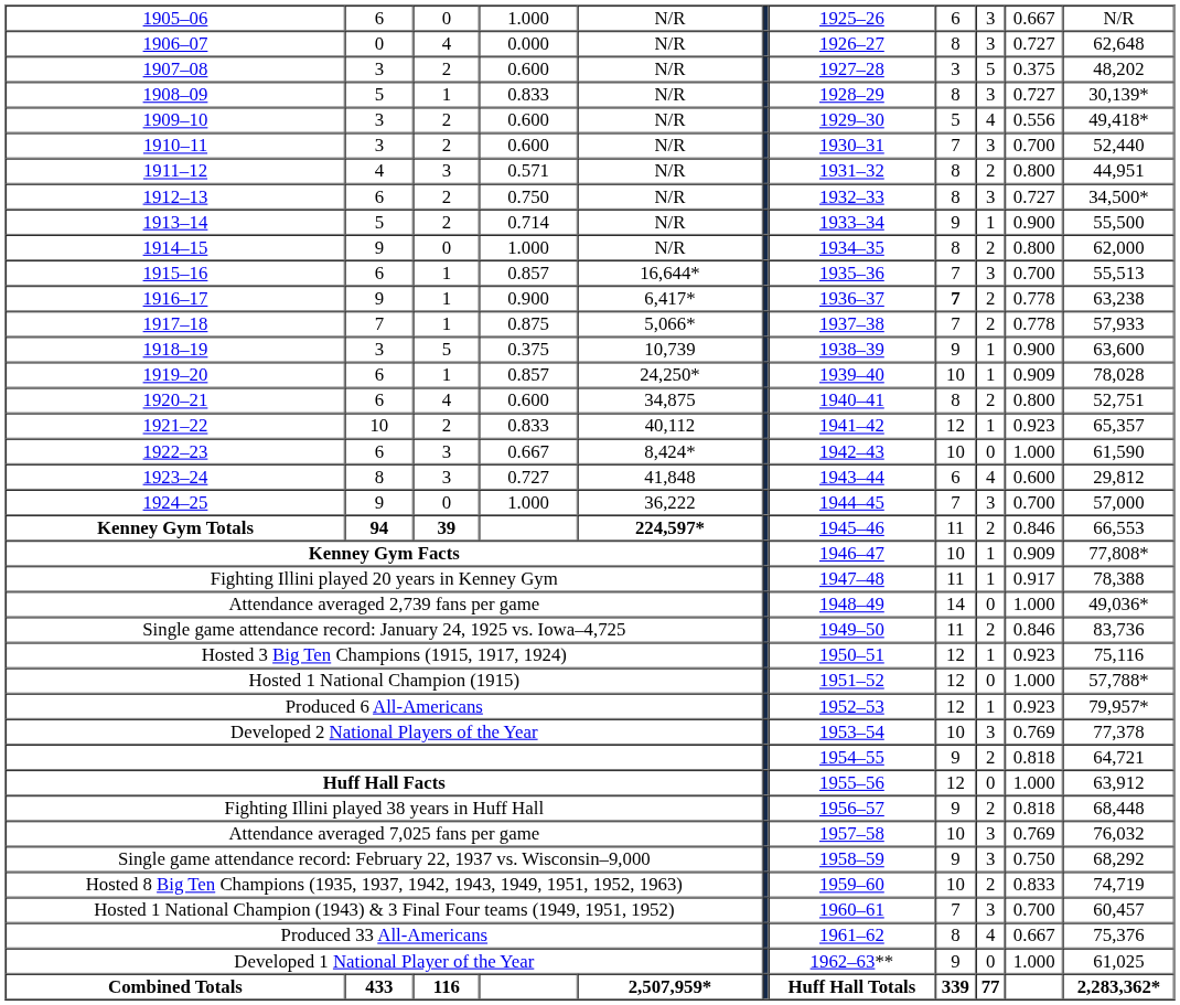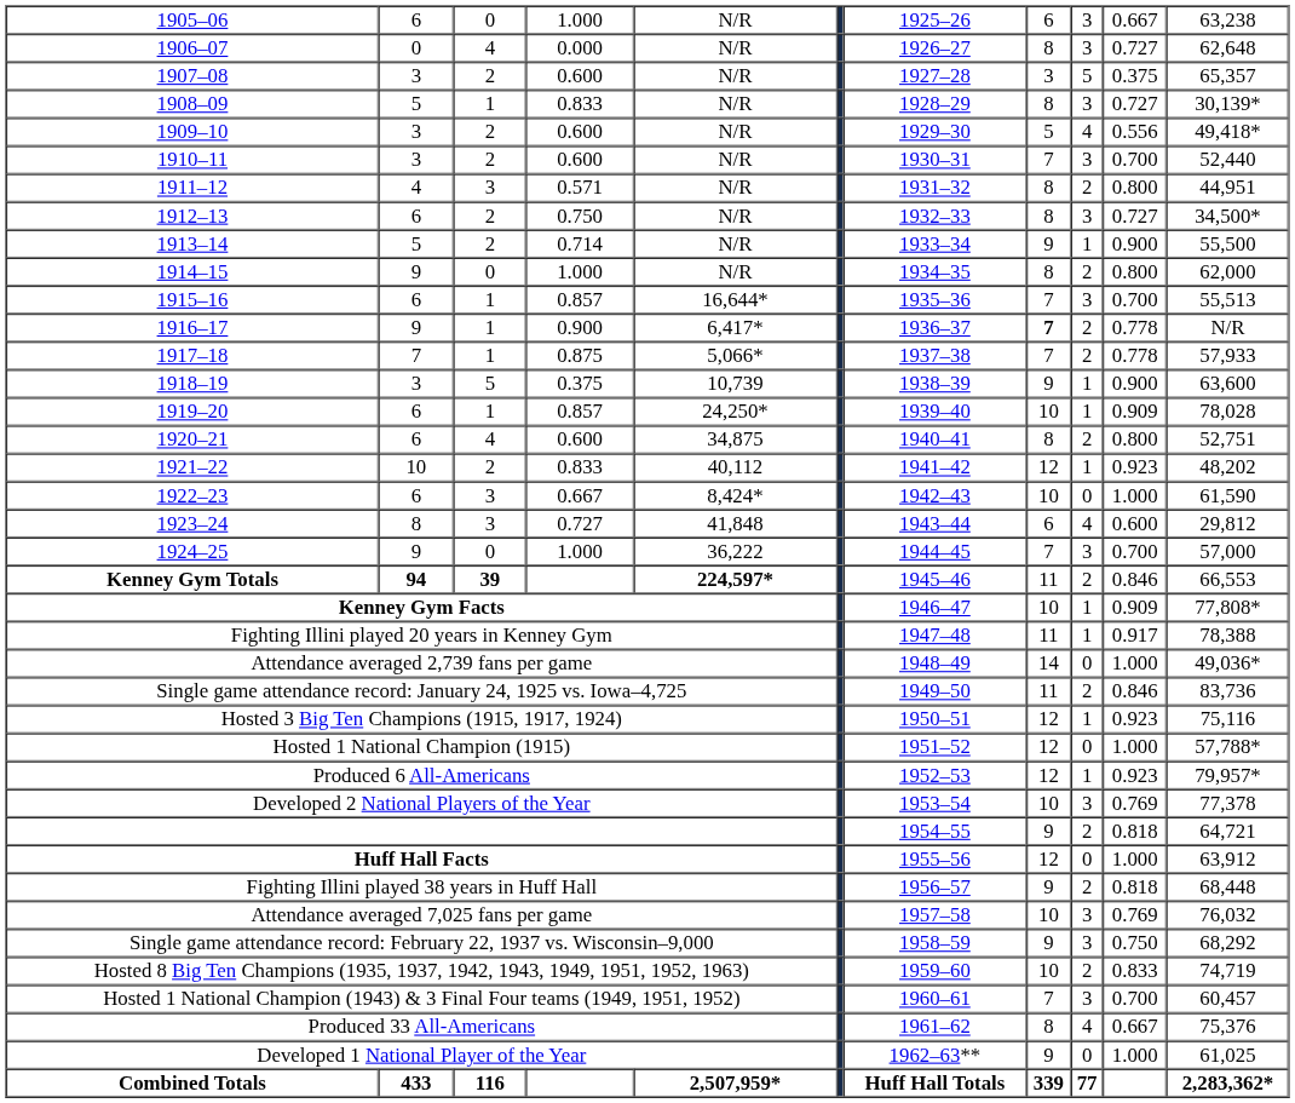 <table cellpadding="1" border="1" cellspacing="0" width="80%" style="text-align:center;">
 <tr>
 </tr>
 <tr>
 <td><a href='#'>1905–06</a></td>
 <td>6</td>
 <td>0</td>
 <td>1.000</td>
 <td>N/R</td>
 <td bgcolor=#14294B></td>
 <td><a href='#'>1925–26</a></td>
 <td>6</td>
 <td>3</td>
 <td>0.667</td>
-<td>N/R</td>
+<td>63,238</td>
 </tr>
 <tr>
 <td><a href='#'>1906–07</a></td>
 <td>0</td>
 <td>4</td>
 <td>0.000</td>
 <td>N/R</td>
 <td bgcolor=#14294B></td>
 <td><a href='#'>1926–27</a></td>
 <td>8</td>
 <td>3</td>
 <td>0.727</td>
 <td>62,648</td>
 </tr>
 <tr>
 <td><a href='#'>1907–08</a></td>
 <td>3</td>
 <td>2</td>
 <td>0.600</td>
 <td>N/R</td>
 <td bgcolor=#14294B></td>
 <td><a href='#'>1927–28</a></td>
 <td>3</td>
 <td>5</td>
 <td>0.375</td>
-<td>48,202</td>
+<td>65,357</td>
 </tr>
 <tr>
 <td><a href='#'>1908–09</a></td>
 <td>5</td>
 <td>1</td>
 <td>0.833</td>
 <td>N/R</td>
 <td bgcolor=#14294B></td>
 <td><a href='#'>1928–29</a></td>
 <td>8</td>
 <td>3</td>
 <td>0.727</td>
 <td>30,139*</td>
 </tr>
 <tr>
 <td><a href='#'>1909–10</a></td>
 <td>3</td>
 <td>2</td>
 <td>0.600</td>
 <td>N/R</td>
 <td bgcolor=#14294B></td>
 <td><a href='#'>1929–30</a></td>
 <td>5</td>
 <td>4</td>
 <td>0.556</td>
 <td>49,418*</td>
 </tr>
 <tr>
 <td><a href='#'>1910–11</a></td>
 <td>3</td>
 <td>2</td>
 <td>0.600</td>
 <td>N/R</td>
 <td bgcolor=#14294B></td>
 <td><a href='#'>1930–31</a></td>
 <td>7</td>
 <td>3</td>
 <td>0.700</td>
 <td>52,440</td>
 </tr>
 <tr>
 <td><a href='#'>1911–12</a></td>
 <td>4</td>
 <td>3</td>
 <td>0.571</td>
 <td>N/R</td>
 <td bgcolor=#14294B></td>
 <td><a href='#'>1931–32</a></td>
 <td>8</td>
 <td>2</td>
 <td>0.800</td>
 <td>44,951</td>
 </tr>
 <tr>
 <td><a href='#'>1912–13</a></td>
 <td>6</td>
 <td>2</td>
 <td>0.750</td>
 <td>N/R</td>
 <td bgcolor=#14294B></td>
 <td><a href='#'>1932–33</a></td>
 <td>8</td>
 <td>3</td>
 <td>0.727</td>
 <td>34,500*</td>
 </tr>
 <tr>
 <td><a href='#'>1913–14</a></td>
 <td>5</td>
 <td>2</td>
 <td>0.714</td>
 <td>N/R</td>
 <td bgcolor=#14294B></td>
 <td><a href='#'>1933–34</a></td>
 <td>9</td>
 <td>1</td>
 <td>0.900</td>
 <td>55,500</td>
 </tr>
 <tr>
 <td><a href='#'>1914–15</a></td>
 <td>9</td>
 <td>0</td>
 <td>1.000</td>
 <td>N/R</td>
 <td bgcolor=#14294B></td>
 <td><a href='#'>1934–35</a></td>
 <td>8</td>
 <td>2</td>
 <td>0.800</td>
 <td>62,000</td>
 </tr>
 <tr>
 <td><a href='#'>1915–16</a></td>
 <td>6</td>
 <td>1</td>
 <td>0.857</td>
 <td>16,644*</td>
 <td bgcolor=#14294B></td>
 <td><a href='#'>1935–36</a></td>
 <td>7</td>
 <td>3</td>
 <td>0.700</td>
 <td>55,513</td>
 </tr>
 <tr>
 <td><a href='#'>1916–17</a></td>
 <td>9</td>
 <td>1</td>
 <td>0.900</td>
 <td>6,417*</td>
 <td bgcolor=#14294B></td>
 <td><a href='#'>1936–37</a></td>
 <td><strong>7</strong></td>
 <td>2</td>
 <td>0.778</td>
-<td>63,238</td>
+<td>N/R</td>
 </tr>
 <tr>
 <td><a href='#'>1917–18</a></td>
 <td>7</td>
 <td>1</td>
 <td>0.875</td>
 <td>5,066*</td>
 <td bgcolor=#14294B></td>
 <td><a href='#'>1937–38</a></td>
 <td>7</td>
 <td>2</td>
 <td>0.778</td>
 <td>57,933</td>
 </tr>
 <tr>
 <td><a href='#'>1918–19</a></td>
 <td>3</td>
 <td>5</td>
 <td>0.375</td>
 <td>10,739</td>
 <td bgcolor=#14294B></td>
 <td><a href='#'>1938–39</a></td>
 <td>9</td>
 <td>1</td>
 <td>0.900</td>
 <td>63,600</td>
 </tr>
 <tr>
 <td><a href='#'>1919–20</a></td>
 <td>6</td>
 <td>1</td>
 <td>0.857</td>
 <td>24,250*</td>
 <td bgcolor=#14294B></td>
 <td><a href='#'>1939–40</a></td>
 <td>10</td>
 <td>1</td>
 <td>0.909</td>
 <td>78,028</td>
 </tr>
 <tr>
 <td><a href='#'>1920–21</a></td>
 <td>6</td>
 <td>4</td>
 <td>0.600</td>
 <td>34,875</td>
 <td bgcolor=#14294B></td>
 <td><a href='#'>1940–41</a></td>
 <td>8</td>
 <td>2</td>
 <td>0.800</td>
 <td>52,751</td>
 </tr>
 <tr>
 <td><a href='#'>1921–22</a></td>
 <td>10</td>
 <td>2</td>
 <td>0.833</td>
 <td>40,112</td>
 <td bgcolor=#14294B></td>
 <td><a href='#'>1941–42</a></td>
 <td>12</td>
 <td>1</td>
 <td>0.923</td>
-<td>65,357</td>
+<td>48,202</td>
 </tr>
 <tr>
 <td><a href='#'>1922–23</a></td>
 <td>6</td>
 <td>3</td>
 <td>0.667</td>
 <td>8,424*</td>
 <td bgcolor=#14294B></td>
 <td><a href='#'>1942–43</a></td>
 <td>10</td>
 <td>0</td>
 <td>1.000</td>
 <td>61,590</td>
 </tr>
 <tr>
 <td><a href='#'>1923–24</a></td>
 <td>8</td>
 <td>3</td>
 <td>0.727</td>
 <td>41,848</td>
 <td bgcolor=#14294B></td>
 <td><a href='#'>1943–44</a></td>
 <td>6</td>
 <td>4</td>
 <td>0.600</td>
 <td>29,812</td>
 </tr>
 <tr>
 <td><a href='#'>1924–25</a></td>
 <td>9</td>
 <td>0</td>
 <td>1.000</td>
 <td>36,222</td>
 <td bgcolor=#14294B></td>
 <td><a href='#'>1944–45</a></td>
 <td>7</td>
 <td>3</td>
 <td>0.700</td>
 <td>57,000</td>
 </tr>
 <tr style="text-align:center; ">
 <th><strong>Kenney Gym Totals</strong></th>
 <th><strong>94</strong></th>
 <th><strong>39</strong></th>
 <th><strong></strong></th>
 <th><strong>224,597*</strong></th>
 <td bgcolor=#14294B></td>
 <td><a href='#'>1945–46</a></td>
 <td>11</td>
 <td>2</td>
 <td>0.846</td>
 <td>66,553</td>
 </tr>
 <tr>
 <td colspan="5"><strong>Kenney Gym Facts</strong></td>
 <td bgcolor=#14294B></td>
 <td><a href='#'>1946–47</a></td>
 <td>10</td>
 <td>1</td>
 <td>0.909</td>
 <td>77,808*</td>
 </tr>
 <tr>
 <td colspan="5">Fighting Illini played 20 years in Kenney Gym</td>
 <td bgcolor=#14294B></td>
 <td><a href='#'>1947–48</a></td>
 <td>11</td>
 <td>1</td>
 <td>0.917</td>
 <td>78,388</td>
 </tr>
 <tr>
 <td colspan="5">Attendance averaged 2,739 fans per game</td>
 <td bgcolor=#14294B></td>
 <td><a href='#'>1948–49</a></td>
 <td>14</td>
 <td>0</td>
 <td>1.000</td>
 <td>49,036*</td>
 </tr>
 <tr>
 <td colspan="5">Single game attendance record: January 24, 1925 vs. Iowa–4,725</td>
 <td bgcolor=#14294B></td>
 <td><a href='#'>1949–50</a></td>
 <td>11</td>
 <td>2</td>
 <td>0.846</td>
 <td>83,736</td>
 </tr>
 <tr>
 <td colspan="5">Hosted 3 <a href='#'>Big Ten</a> Champions (1915, 1917, 1924)</td>
 <td bgcolor=#14294B></td>
 <td><a href='#'>1950–51</a></td>
 <td>12</td>
 <td>1</td>
 <td>0.923</td>
 <td>75,116</td>
 </tr>
 <tr>
 <td colspan="5">Hosted 1 National Champion (1915)</td>
 <td bgcolor=#14294B></td>
 <td><a href='#'>1951–52</a></td>
 <td>12</td>
 <td>0</td>
 <td>1.000</td>
 <td>57,788*</td>
 </tr>
 <tr>
 <td colspan="5">Produced 6 <a href='#'>All-Americans</a></td>
 <td bgcolor=#14294B></td>
 <td><a href='#'>1952–53</a></td>
 <td>12</td>
 <td>1</td>
 <td>0.923</td>
 <td>79,957*</td>
 </tr>
 <tr>
 <td colspan="5">Developed 2 <a href='#'>National Players of the Year</a></td>
 <td bgcolor=#14294B></td>
 <td><a href='#'>1953–54</a></td>
 <td>10</td>
 <td>3</td>
 <td>0.769</td>
 <td>77,378</td>
 </tr>
 <tr>
 <td colspan="5"></td>
 <td bgcolor=#14294B></td>
 <td><a href='#'>1954–55</a></td>
 <td>9</td>
 <td>2</td>
 <td>0.818</td>
 <td>64,721</td>
 </tr>
 <tr>
 <td colspan="5"><strong>Huff Hall Facts</strong></td>
 <td bgcolor=#14294B></td>
 <td><a href='#'>1955–56</a></td>
 <td>12</td>
 <td>0</td>
 <td>1.000</td>
 <td>63,912</td>
 </tr>
 <tr>
 <td colspan="5">Fighting Illini played 38 years in Huff Hall</td>
 <td bgcolor=#14294B></td>
 <td><a href='#'>1956–57</a></td>
 <td>9</td>
 <td>2</td>
 <td>0.818</td>
 <td>68,448</td>
 </tr>
 <tr>
 <td colspan="5">Attendance averaged 7,025 fans per game</td>
 <td bgcolor=#14294B></td>
 <td><a href='#'>1957–58</a></td>
 <td>10</td>
 <td>3</td>
 <td>0.769</td>
 <td>76,032</td>
 </tr>
 <tr>
 <td colspan="5">Single game attendance record: February 22, 1937 vs. Wisconsin–9,000</td>
 <td bgcolor=#14294B></td>
 <td><a href='#'>1958–59</a></td>
 <td>9</td>
 <td>3</td>
 <td>0.750</td>
 <td>68,292</td>
 </tr>
 <tr>
 <td colspan="5">Hosted 8 <a href='#'>Big Ten</a> Champions (1935, 1937, 1942, 1943, 1949, 1951, 1952, 1963)</td>
 <td bgcolor=#14294B></td>
 <td><a href='#'>1959–60</a></td>
 <td>10</td>
 <td>2</td>
 <td>0.833</td>
 <td>74,719</td>
 </tr>
 <tr>
 <td colspan="5">Hosted 1 National Champion (1943) & 3 Final Four teams (1949, 1951, 1952)</td>
 <td bgcolor=#14294B></td>
 <td><a href='#'>1960–61</a></td>
 <td>7</td>
 <td>3</td>
 <td>0.700</td>
 <td>60,457</td>
 </tr>
 <tr>
 <td colspan="5">Produced 33 <a href='#'>All-Americans</a></td>
 <td bgcolor=#14294B></td>
 <td><a href='#'>1961–62</a></td>
 <td>8</td>
 <td>4</td>
 <td>0.667</td>
 <td>75,376</td>
 </tr>
 <tr>
 <td colspan="5">Developed 1 <a href='#'>National Player of the Year</a></td>
 <td bgcolor=#14294B></td>
 <td><a href='#'>1962–63</a>**</td>
 <td>9</td>
 <td>0</td>
 <td>1.000</td>
 <td>61,025</td>
 </tr>
 <tr>
 <td><strong>Combined Totals</strong></td>
 <td><strong>433</strong></td>
 <td><strong>116</strong></td>
 <td><strong></strong></td>
 <td><strong>2,507,959*</strong></td>
 <td bgcolor=#14294B></td>
 <td><strong>Huff Hall Totals</strong></td>
 <td><strong>339</strong></td>
 <td><strong>77</strong></td>
 <td><strong></strong></td>
 <td><strong>2,283,362*</strong></td>
 </tr>
 </table>
